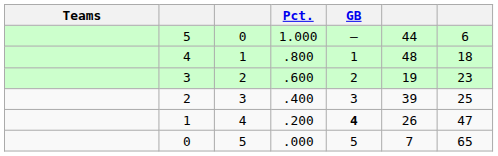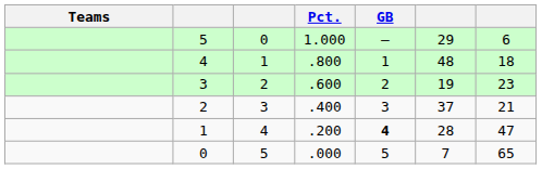 <table class="wikitable" style="text-align:center;">
 <tr>
 <th width=150px>Teams</th>
 <th width=50px></th>
 <th width=50px></th>
 <th width=50px><a href='#'>Pct.</a></th>
 <th width=50px><a href='#'>GB</a></th>
 <th width=50px></th>
 <th width=50px></th>
 </tr>
 <tr style="background-color:#ccffcc">
 <td align=left></td>
 <td>5</td>
 <td>0</td>
 <td>1.000</td>
 <td>–</td>
-<td>44</td>
+<td>29</td>
 <td>6</td>
 </tr>
 <tr style="background-color:#ccffcc">
 <td align=left></td>
 <td>4</td>
 <td>1</td>
 <td>.800</td>
 <td>1</td>
 <td>48</td>
 <td>18</td>
 </tr>
 <tr style="background-color:#ccffcc">
 <td align=left></td>
 <td>3</td>
 <td>2</td>
 <td>.600</td>
 <td>2</td>
 <td>19</td>
 <td>23</td>
 </tr>
 <tr style="background-color:">
 <td align=left></td>
 <td>2</td>
 <td>3</td>
 <td>.400</td>
 <td>3</td>
-<td>39</td>
-<td>25</td>
+<td>37</td>
+<td>21</td>
 </tr>
 <tr style="background-color:">
 <td align=left></td>
 <td>1</td>
 <td>4</td>
 <td>.200</td>
 <td><strong>4</strong></td>
-<td>26</td>
+<td>28</td>
 <td>47</td>
 </tr>
 <tr style="background-color:">
 <td align=left></td>
 <td>0</td>
 <td>5</td>
 <td>.000</td>
 <td>5</td>
 <td>7</td>
 <td>65</td>
 </tr>
 </table>
